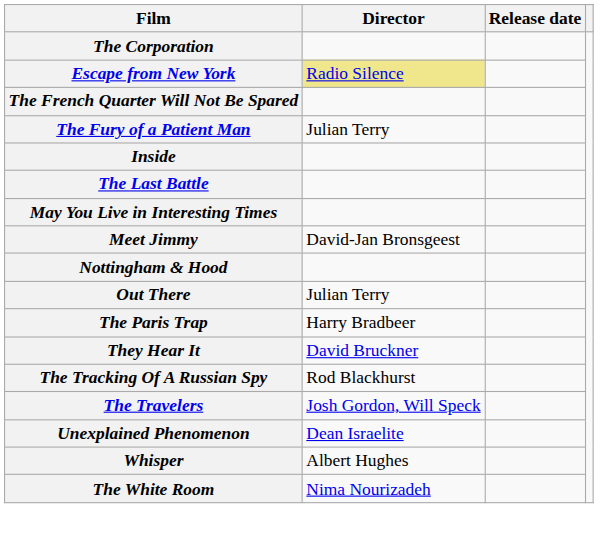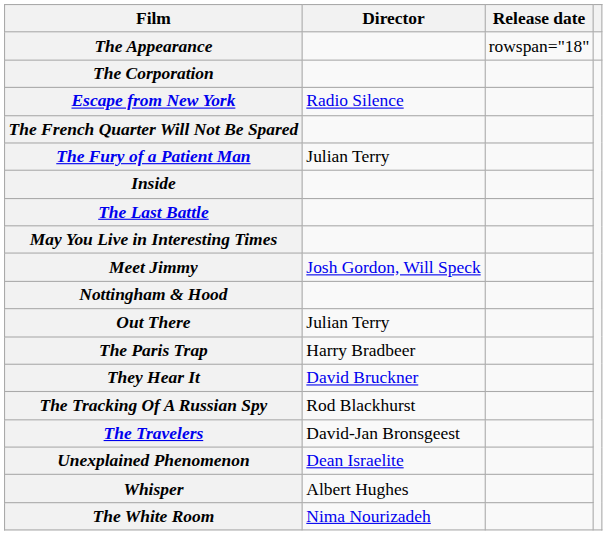 <table class="wikitable plainrowheaders">
 <tr>
 <th scope="col">Film</th>
 <th scope="col">Director</th>
 <th scope="col">Release date</th>
 <th scope="col" class="unsortable"></th>
 </tr>
 <tr>
+<th scope="row"><em>The Appearance</em></th>
+<td></td>
+<td>rowspan="18" </td>
+<td></td>
+</tr>
+<tr>
 <th scope="row"><em>The Corporation</em></th>
 <td></td>
 <td></td>
 </tr>
 <tr>
 <th scope="row"><em><a href='#'>Escape from New York</a></em></th>
-<td style="background: khaki;"><a href='#'>Radio Silence</a></td>
+<td><a href='#'>Radio Silence</a></td>
 <td></td>
 </tr>
 <tr>
 <th scope="row"><em>The French Quarter Will Not Be Spared</em></th>
 <td></td>
 <td></td>
 </tr>
 <tr>
 <th scope="row"><em><a href='#'>The Fury of a Patient Man</a></em></th>
 <td>Julian Terry</td>
 <td></td>
 </tr>
 <tr>
 <th scope="row"><em>Inside</em></th>
 <td></td>
 <td></td>
 </tr>
 <tr>
 <th scope="row"><em><a href='#'>The Last Battle</a></em></th>
 <td></td>
 <td></td>
 </tr>
 <tr>
 <th scope="row"><em>May You Live in Interesting Times</em></th>
 <td></td>
 <td></td>
 </tr>
 <tr>
 <th scope="row"><em>Meet Jimmy</em></th>
-<td>David-Jan Bronsgeest</td>
+<td><a href='#'>Josh Gordon, Will Speck</a></td>
 <td></td>
 </tr>
 <tr>
 <th scope="row"><em>Nottingham & Hood</em></th>
 <td></td>
 <td></td>
 </tr>
 <tr>
 <th scope="row"><em>Out There</em></th>
 <td>Julian Terry</td>
 <td></td>
 </tr>
 <tr>
 <th scope="row"><em>The Paris Trap</em></th>
 <td>Harry Bradbeer</td>
 <td></td>
 </tr>
 <tr>
 <th scope="row"><em>They Hear It</em></th>
 <td><a href='#'>David Bruckner</a></td>
 <td></td>
 </tr>
 <tr>
 <th scope="row"><em>The Tracking Of A Russian Spy</em></th>
 <td>Rod Blackhurst</td>
 <td></td>
 </tr>
 <tr>
 <th scope="row"><em><a href='#'>The Travelers</a></em></th>
-<td><a href='#'>Josh Gordon, Will Speck</a></td>
+<td>David-Jan Bronsgeest</td>
 <td></td>
 </tr>
 <tr>
 <th scope="row"><em>Unexplained Phenomenon</em></th>
 <td><a href='#'>Dean Israelite</a></td>
 <td></td>
 </tr>
 <tr>
 <th scope="row"><em>Whisper</em></th>
 <td>Albert Hughes</td>
 <td></td>
 </tr>
 <tr>
 <th scope="row"><em>The White Room</em></th>
 <td><a href='#'>Nima Nourizadeh</a></td>
 <td></td>
 </tr>
 </table>
